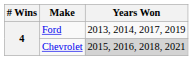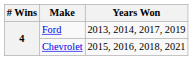 <table class="wikitable" style="font-size: 95%;">
 <tr>
 <th># Wins</th>
 <th>Make</th>
 <th>Years Won</th>
 </tr>
 <tr>
 <th rowspan=2>4</th>
 <td> <a href='#'>Ford</a></td>
 <td>2013, 2014, 2017, 2019</td>
 </tr>
 <tr>
 <td> <a href='#'>Chevrolet</a></td>
-<td style="background: lightgrey;">2015, 2016, 2018, 2021</td>
+<td>2015, 2016, 2018, 2021</td>
 </tr>
 </table>
